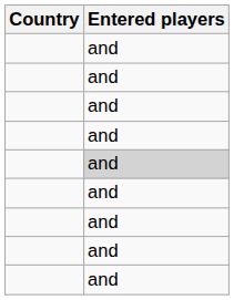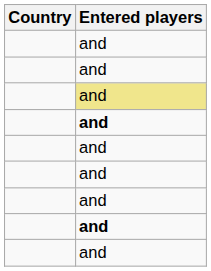 <table class="wikitable" style="text-align:left">
 <tr>
 <th>Country</th>
 <th>Entered players</th>
 </tr>
 <tr>
 <td></td>
 <td> and </td>
 </tr>
 <tr>
 <td></td>
 <td> and </td>
 </tr>
 <tr>
 <td></td>
-<td> and </td>
+<td style="background: khaki;"> and </td>
 </tr>
 <tr>
 <td></td>
-<td> and </td>
-</tr>
-<tr>
-<td></td>
-<td style="background: lightgrey;"> and </td>
+<td><strong> and </strong></td>
 </tr>
 <tr>
 <td></td>
 <td> and </td>
 </tr>
 <tr>
 <td></td>
 <td> and </td>
 </tr>
 <tr>
 <td></td>
 <td> and </td>
 </tr>
 <tr>
 <td></td>
+<td><strong> and </strong></td>
+</tr>
+<tr>
+<td></td>
 <td> and </td>
 </tr>
 </table>
